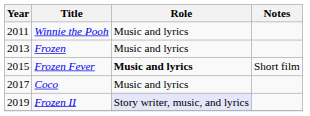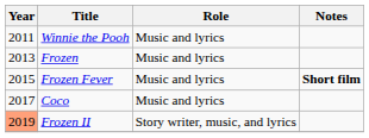 <table class="wikitable unsortable">
 <tr>
 <th>Year</th>
 <th>Title</th>
 <th>Role</th>
 <th class="unsortable">Notes</th>
 </tr>
 <tr>
 <td>2011</td>
 <td><em><a href='#'>Winnie the Pooh</a></em></td>
 <td>Music and lyrics</td>
 <td></td>
 </tr>
 <tr>
 <td>2013</td>
 <td><em><a href='#'>Frozen</a></em></td>
 <td>Music and lyrics</td>
 <td></td>
 </tr>
 <tr>
 <td>2015</td>
 <td><em><a href='#'>Frozen Fever</a></em></td>
-<td><strong>Music and lyrics</strong></td>
-<td>Short film</td>
+<td>Music and lyrics</td>
+<td><strong>Short film</strong></td>
 </tr>
 <tr>
 <td>2017</td>
 <td><em><a href='#'>Coco</a></em></td>
 <td>Music and lyrics</td>
 <td></td>
 </tr>
 <tr>
-<td>2019</td>
+<td style="background: lightsalmon;">2019</td>
 <td><em><a href='#'>Frozen II</a></em></td>
-<td style="background: lavender;">Story writer, music, and lyrics</td>
+<td>Story writer, music, and lyrics</td>
 <td></td>
 </tr>
 <tr>
 </tr>
 </table>
